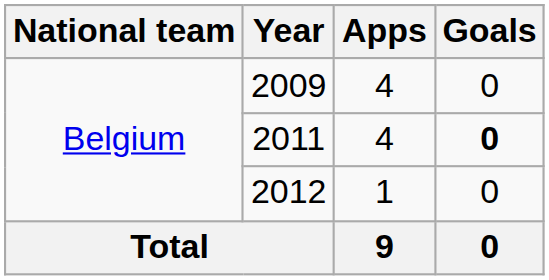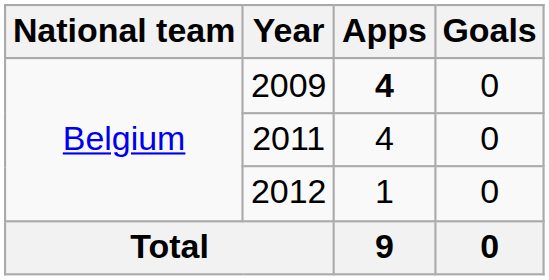 <table class="wikitable" style="text-align:center">
 <tr>
 <th>National team</th>
 <th>Year</th>
 <th>Apps</th>
 <th>Goals</th>
 </tr>
 <tr>
 <td rowspan="3"><a href='#'>Belgium</a></td>
 <td>2009</td>
-<td>4</td>
+<td><strong>4</strong></td>
 <td>0</td>
 </tr>
 <tr>
 <td>2011</td>
 <td>4</td>
-<td><strong>0</strong></td>
+<td>0</td>
 </tr>
 <tr>
 <td>2012</td>
 <td>1</td>
 <td>0</td>
 </tr>
 <tr>
 <th colspan="2">Total</th>
 <th>9</th>
 <th>0</th>
 </tr>
 </table>
